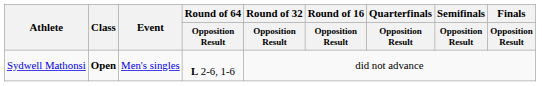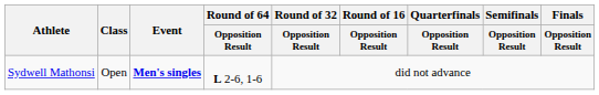 <table class=wikitable style="font-size:90%">
 <tr>
 <th rowspan="2">Athlete</th>
 <th rowspan="2">Class</th>
 <th rowspan="2">Event</th>
 <th>Round of 64</th>
 <th>Round of 32</th>
 <th>Round of 16</th>
 <th>Quarterfinals</th>
 <th>Semifinals</th>
 <th>Finals</th>
 </tr>
 <tr>
 <th style="line-height:1em"><small>Opposition<br>Result</small></th>
 <th style="line-height:1em"><small>Opposition<br>Result</small></th>
 <th style="line-height:1em"><small>Opposition<br>Result</small></th>
 <th style="line-height:1em"><small>Opposition<br>Result</small></th>
 <th style="line-height:1em"><small>Opposition<br>Result</small></th>
 <th style="line-height:1em"><small>Opposition<br>Result</small></th>
 </tr>
 <tr>
 <td><a href='#'>Sydwell Mathonsi</a></td>
-<td style="text-align:center;"><strong>Open</strong></td>
-<td><a href='#'>Men's singles</a></td>
+<td style="text-align:center;">Open</td>
+<td><strong><a href='#'>Men's singles</a></strong></td>
 <td style="text-align:center;"><br><strong>L</strong> 2-6, 1-6</td>
 <td style="text-align:center;" colspan="5">did not advance</td>
 </tr>
 </table>
